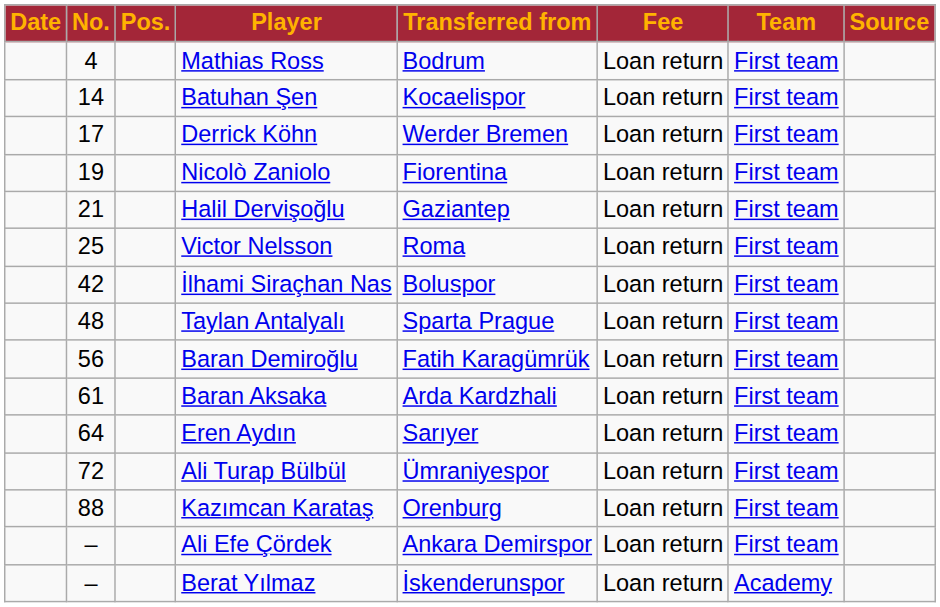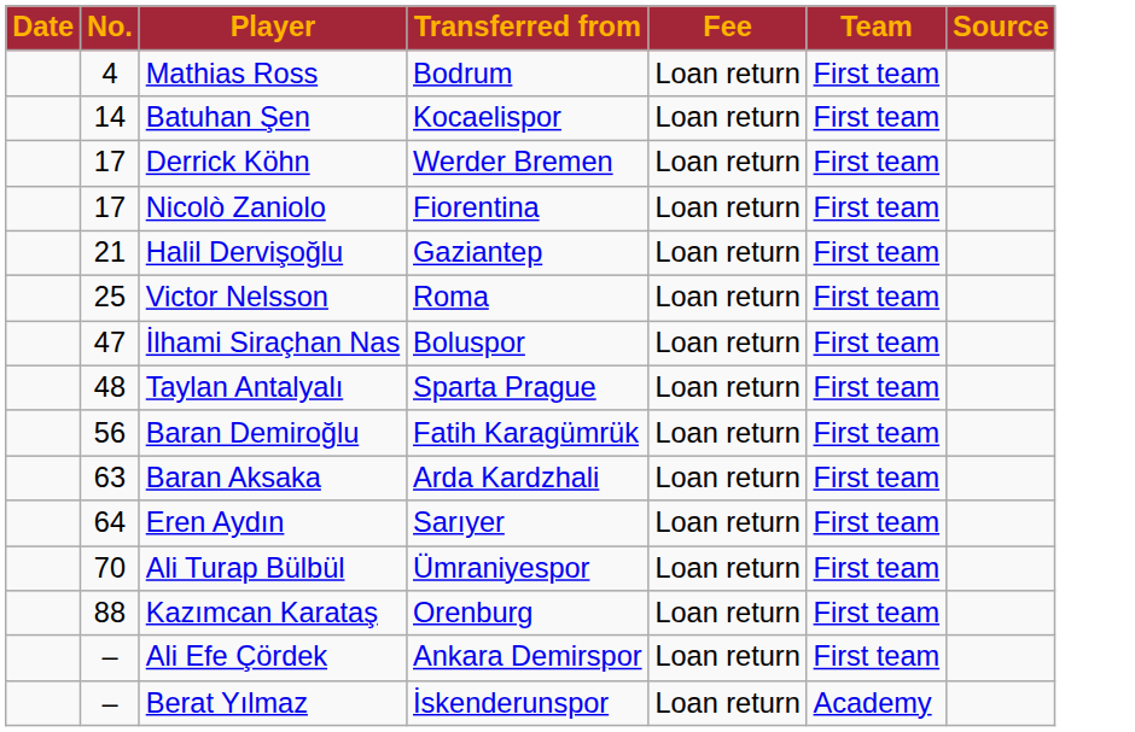 <table class="wikitable plainrowheaders sortable">
 <tr>
 <th style="background:#A32638; color:#FFB300; ">Date</th>
 <th style="background:#A32638; color:#FFB300; ">No.</th>
-<th style="background:#A32638; color:#FFB300; ">Pos.</th>
 <th style="background:#A32638; color:#FFB300; ">Player</th>
 <th style="background:#A32638; color:#FFB300; ">Transferred from</th>
 <th style="background:#A32638; color:#FFB300; ">Fee</th>
 <th style="background:#A32638; color:#FFB300; ">Team</th>
 <th style="background:#A32638; color:#FFB300; ">Source</th>
 </tr>
 <tr>
 <td></td>
 <td align=center>4</td>
-<td align=center></td>
 <td> <a href='#'>Mathias Ross</a></td>
 <td> <a href='#'>Bodrum</a></td>
 <td>Loan return</td>
 <td><a href='#'>First team</a></td>
 <td align=center></td>
 </tr>
 <tr>
 <td></td>
 <td align=center>14</td>
-<td align=center></td>
 <td> <a href='#'>Batuhan Şen</a></td>
 <td> <a href='#'>Kocaelispor</a></td>
 <td>Loan return</td>
 <td><a href='#'>First team</a></td>
 <td align=center></td>
 </tr>
 <tr>
 <td></td>
 <td align=center>17</td>
-<td align=center></td>
 <td> <a href='#'>Derrick Köhn</a></td>
 <td> <a href='#'>Werder Bremen</a></td>
 <td>Loan return</td>
 <td><a href='#'>First team</a></td>
 <td align=center></td>
 </tr>
 <tr>
 <td></td>
-<td align=center>19</td>
-<td align=center></td>
+<td align=center>17</td>
 <td> <a href='#'>Nicolò Zaniolo</a></td>
 <td> <a href='#'>Fiorentina</a></td>
 <td>Loan return</td>
 <td><a href='#'>First team</a></td>
 <td align=center></td>
 </tr>
 <tr>
 <td></td>
 <td align=center>21</td>
-<td align=center></td>
 <td> <a href='#'>Halil Dervişoğlu</a></td>
 <td> <a href='#'>Gaziantep</a></td>
 <td>Loan return</td>
 <td><a href='#'>First team</a></td>
 <td align=center></td>
 </tr>
 <tr>
 <td></td>
 <td align=center>25</td>
-<td align=center></td>
 <td> <a href='#'>Victor Nelsson</a></td>
 <td> <a href='#'>Roma</a></td>
 <td>Loan return</td>
 <td><a href='#'>First team</a></td>
 <td align=center></td>
 </tr>
 <tr>
 <td></td>
-<td align=center>42</td>
-<td align=center></td>
+<td align=center>47</td>
 <td> <a href='#'>İlhami Siraçhan Nas</a></td>
 <td> <a href='#'>Boluspor</a></td>
 <td>Loan return</td>
 <td><a href='#'>First team</a></td>
 <td align=center></td>
 </tr>
 <tr>
 <td></td>
 <td align=center>48</td>
-<td align=center></td>
 <td> <a href='#'>Taylan Antalyalı</a></td>
 <td> <a href='#'>Sparta Prague</a></td>
 <td>Loan return</td>
 <td><a href='#'>First team</a></td>
 <td align=center></td>
 </tr>
 <tr>
 <td></td>
 <td align=center>56</td>
-<td align=center></td>
 <td> <a href='#'>Baran Demiroğlu</a></td>
 <td> <a href='#'>Fatih Karagümrük</a></td>
 <td>Loan return</td>
 <td><a href='#'>First team</a></td>
 <td align=center></td>
 </tr>
 <tr>
 <td></td>
-<td align=center>61</td>
-<td align=center></td>
+<td align=center>63</td>
 <td> <a href='#'>Baran Aksaka</a></td>
 <td> <a href='#'>Arda Kardzhali</a></td>
 <td>Loan return</td>
 <td><a href='#'>First team</a></td>
 <td align=center></td>
 </tr>
 <tr>
 <td></td>
 <td align=center>64</td>
-<td align=center></td>
 <td> <a href='#'>Eren Aydın</a></td>
 <td> <a href='#'>Sarıyer</a></td>
 <td>Loan return</td>
 <td><a href='#'>First team</a></td>
 <td align=center></td>
 </tr>
 <tr>
 <td></td>
-<td align=center>72</td>
-<td align=center></td>
+<td align=center>70</td>
 <td> <a href='#'>Ali Turap Bülbül</a></td>
 <td> <a href='#'>Ümraniyespor</a></td>
 <td>Loan return</td>
 <td><a href='#'>First team</a></td>
 <td align=center></td>
 </tr>
 <tr>
 <td></td>
 <td align=center>88</td>
-<td align=center></td>
 <td> <a href='#'>Kazımcan Karataş</a></td>
 <td> <a href='#'>Orenburg</a></td>
 <td>Loan return</td>
 <td><a href='#'>First team</a></td>
 <td align=center></td>
 </tr>
 <tr>
 <td></td>
 <td align=center>–</td>
-<td align=center></td>
 <td> <a href='#'>Ali Efe Çördek</a></td>
 <td> <a href='#'>Ankara Demirspor</a></td>
 <td>Loan return</td>
 <td><a href='#'>First team</a></td>
 <td align=center></td>
 </tr>
 <tr>
 <td></td>
 <td align=center>–</td>
-<td align=center></td>
 <td> <a href='#'>Berat Yılmaz</a></td>
 <td> <a href='#'>İskenderunspor</a></td>
 <td>Loan return</td>
 <td><a href='#'>Academy</a></td>
 <td align=center></td>
 </tr>
 </table>
